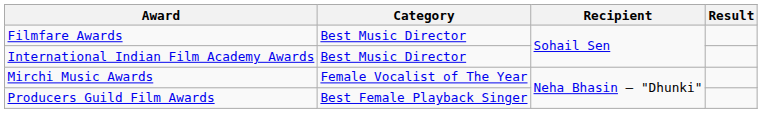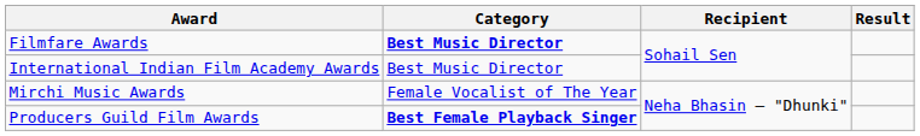 <table class="wikitable">
 <tr>
 <th>Award</th>
 <th>Category</th>
 <th>Recipient</th>
 <th>Result</th>
 </tr>
 <tr>
 <td><a href='#'>Filmfare Awards</a></td>
-<td><a href='#'>Best Music Director</a></td>
+<td><strong><a href='#'>Best Music Director</a></strong></td>
 <td rowspan="2"><a href='#'>Sohail Sen</a></td>
 <td></td>
 </tr>
 <tr>
 <td><a href='#'>International Indian Film Academy Awards</a></td>
 <td><a href='#'>Best Music Director</a></td>
 <td></td>
 </tr>
 <tr>
 <td><a href='#'>Mirchi Music Awards</a></td>
 <td><a href='#'>Female Vocalist of The Year</a></td>
 <td rowspan="2"><a href='#'>Neha Bhasin</a> – "Dhunki"</td>
 <td></td>
 </tr>
 <tr>
 <td><a href='#'>Producers Guild Film Awards</a></td>
-<td><a href='#'>Best Female Playback Singer</a></td>
+<td><strong><a href='#'>Best Female Playback Singer</a></strong></td>
 <td></td>
 </tr>
 </table>
